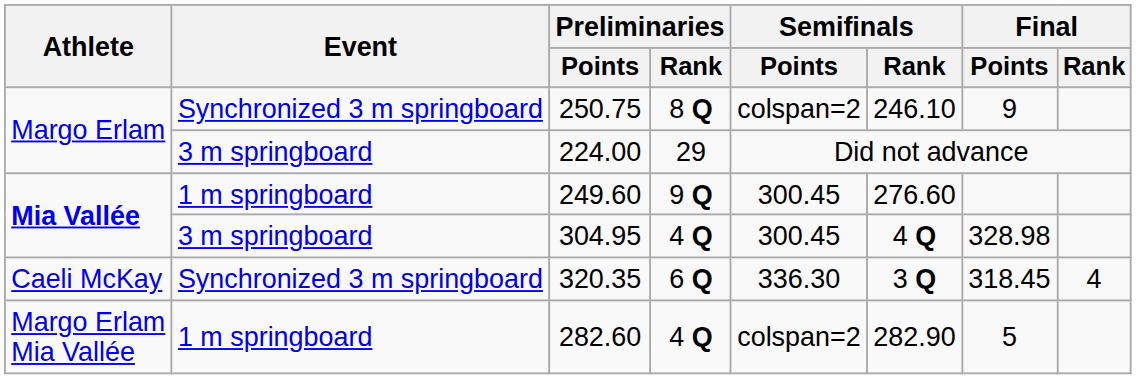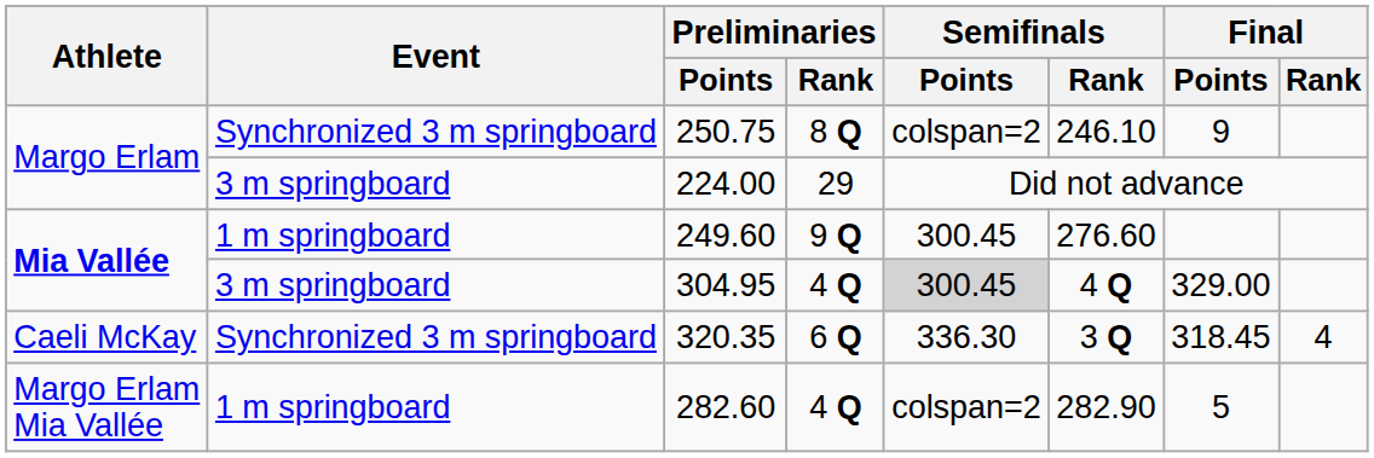 <table class=wikitable style="font-size:90%;">
 <tr>
 <th rowspan="2">Athlete</th>
 <th rowspan="2">Event</th>
 <th colspan="2">Preliminaries</th>
 <th colspan="2">Semifinals</th>
 <th colspan="2">Final</th>
 </tr>
 <tr style="font-size:95%">
 <th>Points</th>
 <th>Rank</th>
 <th>Points</th>
 <th>Rank</th>
 <th>Points</th>
 <th>Rank</th>
 </tr>
 <tr align=center>
 <td align=left rowspan=2><a href='#'>Margo Erlam</a></td>
 <td align=left><a href='#'>Synchronized 3 m springboard</a></td>
 <td>250.75</td>
 <td>8 <strong>Q</strong></td>
 <td>colspan=2 </td>
 <td>246.10</td>
 <td>9</td>
 </tr>
 <tr align=center>
 <td align=left><a href='#'>3 m springboard</a></td>
 <td>224.00</td>
 <td>29</td>
 <td colspan=4>Did not advance</td>
 </tr>
 <tr align=center>
 <td align=left rowspan=2><strong><a href='#'>Mia Vallée</a></strong></td>
 <td align=left><a href='#'>1 m springboard</a></td>
 <td>249.60</td>
 <td>9 <strong>Q</strong></td>
 <td>300.45</td>
 <td>276.60</td>
 <td></td>
 </tr>
 <tr align=center>
 <td align=left><a href='#'>3 m springboard</a></td>
 <td>304.95</td>
 <td>4 <strong>Q</strong></td>
-<td>300.45</td>
+<td style="background: lightgrey;">300.45</td>
 <td>4 <strong>Q</strong></td>
-<td>328.98</td>
+<td>329.00</td>
 <td></td>
 </tr>
 <tr align=center>
 <td align=left><a href='#'>Caeli McKay</a></td>
 <td align=left><a href='#'>Synchronized 3 m springboard</a></td>
 <td>320.35</td>
 <td>6 <strong>Q</strong></td>
 <td>336.30</td>
 <td>3 <strong>Q</strong></td>
 <td>318.45</td>
 <td>4</td>
 </tr>
 <tr align=center>
 <td align=left><a href='#'>Margo Erlam</a><br><a href='#'>Mia Vallée</a></td>
 <td align=left><a href='#'>1 m springboard</a></td>
 <td>282.60</td>
 <td>4 <strong>Q</strong></td>
 <td>colspan=2 </td>
 <td>282.90</td>
 <td>5</td>
 </tr>
 </table>
